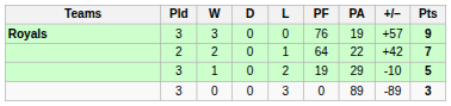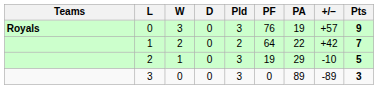 <table class="wikitable" style="text-align: center;">
 <tr>
 <th style="width:200px;">Teams</th>
-<th width="40">Pld</th>
+<th width="40">L</th>
 <th width="40">W</th>
 <th width="40">D</th>
-<th width="40">L</th>
+<th width="40">Pld</th>
 <th width="40">PF</th>
 <th width="40">PA</th>
 <th width="40">+/−</th>
 <th width="40">Pts</th>
 </tr>
 <tr bgcolor=#cfc>
 <td align=left><strong> Royals</strong></td>
-<td>3</td>
+<td>0</td>
 <td>3</td>
 <td>0</td>
-<td>0</td>
+<td>3</td>
 <td>76</td>
 <td>19</td>
 <td>+57</td>
 <td><strong>9</strong></td>
 </tr>
 <tr bgcolor=#cfc>
 <td align=left><strong></strong></td>
-<td>2</td>
+<td>1</td>
 <td>2</td>
 <td>0</td>
-<td>1</td>
+<td>2</td>
 <td>64</td>
 <td>22</td>
 <td>+42</td>
 <td><strong>7</strong></td>
 </tr>
 <tr bgcolor=#cfc>
 <td align=left><strong></strong></td>
-<td>3</td>
+<td>2</td>
 <td>1</td>
 <td>0</td>
-<td>2</td>
+<td>3</td>
 <td>19</td>
 <td>29</td>
 <td>-10</td>
 <td><strong>5</strong></td>
 </tr>
 <tr>
 <td align=left></td>
 <td>3</td>
 <td>0</td>
 <td>0</td>
 <td>3</td>
 <td>0</td>
 <td>89</td>
 <td>-89</td>
 <td><strong>3</strong></td>
 </tr>
 </table>
